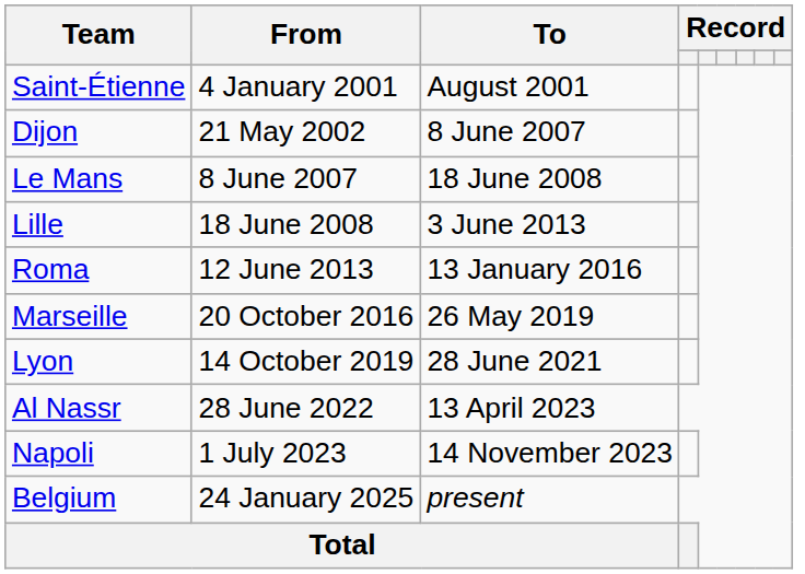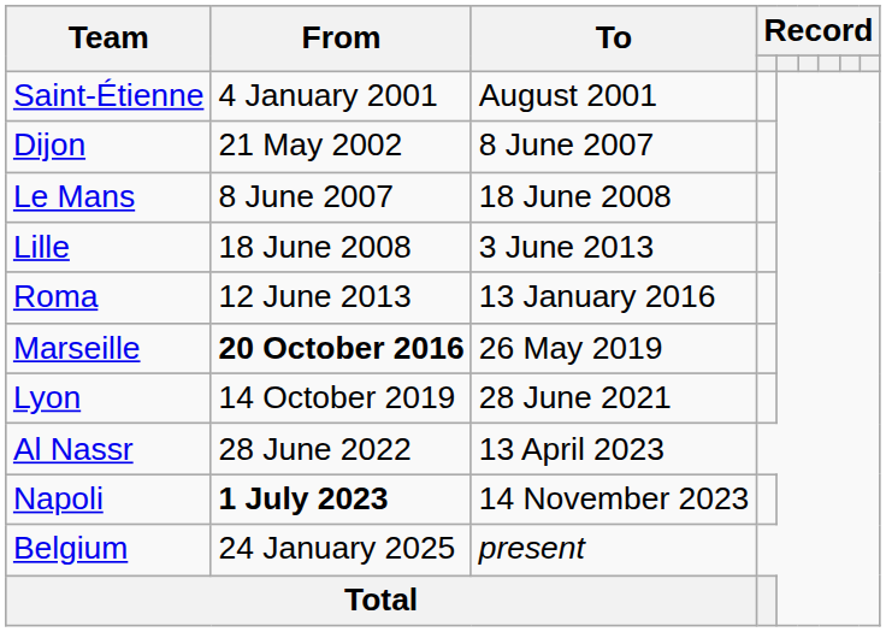 <table class=wikitable style="text-align:center">
 <tr>
 <th rowspan=2>Team</th>
 <th rowspan=2>From</th>
 <th rowspan=2>To</th>
 <th colspan=9>Record</th>
 </tr>
 <tr>
 <th></th>
 <th></th>
 <th></th>
 <th></th>
 <th></th>
 <th></th>
 </tr>
 <tr>
 <td align=left><a href='#'>Saint-Étienne</a></td>
 <td align=left>4 January 2001</td>
 <td align=left>August 2001<br></td>
 <td></td>
 </tr>
 <tr>
 <td align=left><a href='#'>Dijon</a></td>
 <td align=left>21 May 2002</td>
 <td align=left>8 June 2007<br></td>
 <td></td>
 </tr>
 <tr>
 <td align=left><a href='#'>Le Mans</a></td>
 <td align=left>8 June 2007</td>
 <td align=left>18 June 2008<br></td>
 <td></td>
 </tr>
 <tr>
 <td align=left><a href='#'>Lille</a></td>
 <td align=left>18 June 2008</td>
 <td align=left>3 June 2013<br></td>
 <td></td>
 </tr>
 <tr>
 <td align=left><a href='#'>Roma</a></td>
 <td align=left>12 June 2013</td>
 <td align=left>13 January 2016<br></td>
 <td></td>
 </tr>
 <tr>
 <td align=left><a href='#'>Marseille</a></td>
-<td align=left>20 October 2016</td>
+<td align=left><strong>20 October 2016</strong></td>
 <td align=left>26 May 2019<br></td>
 <td></td>
 </tr>
 <tr>
 <td align=left><a href='#'>Lyon</a></td>
 <td align=left>14 October 2019</td>
 <td align=left>28 June 2021<br></td>
 <td></td>
 </tr>
 <tr>
 <td align=left><a href='#'>Al Nassr</a></td>
 <td align=left>28 June 2022</td>
 <td align=left>13 April 2023<br></td>
 </tr>
 <tr>
 <td align=left><a href='#'>Napoli</a></td>
-<td align=left>1 July 2023</td>
+<td align=left><strong>1 July 2023</strong></td>
 <td align=left>14 November 2023<br></td>
 <td></td>
 </tr>
 <tr>
 <td align=left><a href='#'>Belgium</a></td>
 <td align=left>24 January 2025</td>
 <td align=left><em>present</em><br></td>
 </tr>
 <tr>
 <th colspan=3>Total<br></th>
 <th></th>
 </tr>
 </table>
